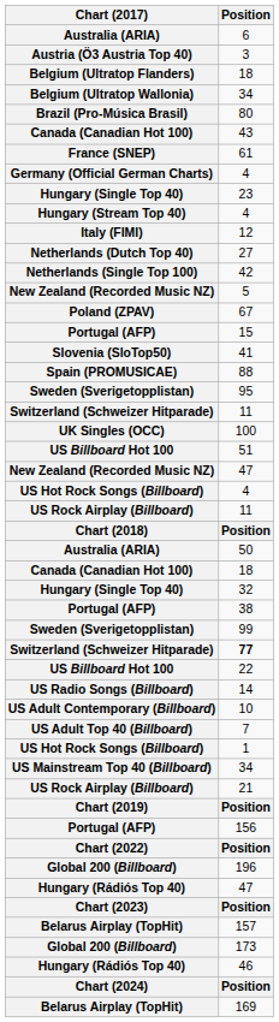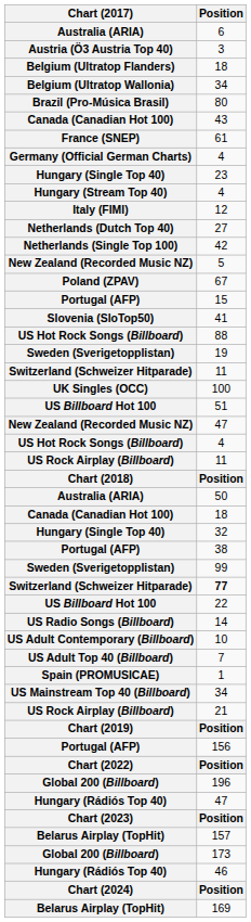 <table class="wikitable sortable plainrowheaders" style="text-align:center">
 <tr>
 <th scope="col">Chart (2017)</th>
 <th scope="col">Position</th>
 </tr>
 <tr>
 <th scope="row">Australia (ARIA)</th>
 <td>6</td>
 </tr>
 <tr>
 <th scope="row">Austria (Ö3 Austria Top 40)</th>
 <td>3</td>
 </tr>
 <tr>
 <th scope="row">Belgium (Ultratop Flanders)</th>
 <td>18</td>
 </tr>
 <tr>
 <th scope="row">Belgium (Ultratop Wallonia)</th>
 <td>34</td>
 </tr>
 <tr>
 <th scope="row">Brazil (Pro-Música Brasil)</th>
 <td>80</td>
 </tr>
 <tr>
 <th scope="row">Canada (Canadian Hot 100)</th>
 <td>43</td>
 </tr>
 <tr>
 <th scope="row">France (SNEP)</th>
 <td>61</td>
 </tr>
 <tr>
 <th scope="row">Germany (Official German Charts)</th>
 <td>4</td>
 </tr>
 <tr>
 <th scope="row">Hungary (Single Top 40)</th>
 <td>23</td>
 </tr>
 <tr>
 <th scope="row">Hungary (Stream Top 40)</th>
 <td>4</td>
 </tr>
 <tr>
 <th scope="row">Italy (FIMI)</th>
 <td>12</td>
 </tr>
 <tr>
 <th scope="row">Netherlands (Dutch Top 40)</th>
 <td>27</td>
 </tr>
 <tr>
 <th scope="row">Netherlands (Single Top 100)</th>
 <td>42</td>
 </tr>
 <tr>
 <th scope="row">New Zealand (Recorded Music NZ)</th>
 <td>5</td>
 </tr>
 <tr>
 <th scope="row">Poland (ZPAV)</th>
 <td>67</td>
 </tr>
 <tr>
 <th scope="row">Portugal (AFP)</th>
 <td>15</td>
 </tr>
 <tr>
 <th scope="row">Slovenia (SloTop50)</th>
 <td>41</td>
 </tr>
 <tr>
-<th scope="row">Spain (PROMUSICAE)</th>
+<th scope="row">US Hot Rock Songs (<em>Billboard</em>)</th>
 <td>88</td>
 </tr>
 <tr>
 <th scope="row">Sweden (Sverigetopplistan)</th>
-<td>95</td>
+<td>19</td>
 </tr>
 <tr>
 <th scope="row">Switzerland (Schweizer Hitparade)</th>
 <td>11</td>
 </tr>
 <tr>
 <th scope="row">UK Singles (OCC)</th>
 <td>100</td>
 </tr>
 <tr>
 <th scope="row">US <em>Billboard</em> Hot 100</th>
 <td>51</td>
 </tr>
 <tr>
 <th scope="row">New Zealand (Recorded Music NZ)</th>
 <td>47</td>
 </tr>
 <tr>
 <th scope="row">US Hot Rock Songs (<em>Billboard</em>)</th>
 <td>4</td>
 </tr>
 <tr>
 <th scope="row">US Rock Airplay (<em>Billboard</em>)</th>
 <td>11</td>
 </tr>
 <tr>
 <th scope="col">Chart (2018)</th>
 <th scope="col">Position</th>
 </tr>
 <tr>
 <th scope="row">Australia (ARIA)</th>
 <td>50</td>
 </tr>
 <tr>
 <th scope="row">Canada (Canadian Hot 100)</th>
 <td>18</td>
 </tr>
 <tr>
 <th scope="row">Hungary (Single Top 40)</th>
 <td>32</td>
 </tr>
 <tr>
 <th scope="row">Portugal (AFP)</th>
 <td>38</td>
 </tr>
 <tr>
 <th scope="row">Sweden (Sverigetopplistan)</th>
 <td>99</td>
 </tr>
 <tr>
 <th scope="row">Switzerland (Schweizer Hitparade)</th>
 <td><strong>77</strong></td>
 </tr>
 <tr>
 <th scope="row">US <em>Billboard</em> Hot 100</th>
 <td>22</td>
 </tr>
 <tr>
 <th scope="row">US Radio Songs (<em>Billboard</em>)</th>
 <td>14</td>
 </tr>
 <tr>
 <th scope="row">US Adult Contemporary (<em>Billboard</em>)</th>
 <td>10</td>
 </tr>
 <tr>
 <th scope="row">US Adult Top 40 (<em>Billboard</em>)</th>
 <td>7</td>
 </tr>
 <tr>
-<th scope="row">US Hot Rock Songs (<em>Billboard</em>)</th>
+<th scope="row">Spain (PROMUSICAE)</th>
 <td>1</td>
 </tr>
 <tr>
 <th scope="row">US Mainstream Top 40 (<em>Billboard</em>)</th>
 <td>34</td>
 </tr>
 <tr>
 <th scope="row">US Rock Airplay (<em>Billboard</em>)</th>
 <td>21</td>
 </tr>
 <tr>
 <th scope="col">Chart (2019)</th>
 <th scope="col">Position</th>
 </tr>
 <tr>
 <th scope="row">Portugal (AFP)</th>
 <td>156</td>
 </tr>
 <tr>
 <th scope="col">Chart (2022)</th>
 <th scope="col">Position</th>
 </tr>
 <tr>
 <th scope="row">Global 200 (<em>Billboard</em>)</th>
 <td>196</td>
 </tr>
 <tr>
 <th scope="row">Hungary (Rádiós Top 40)</th>
 <td>47</td>
 </tr>
 <tr>
 <th scope="col">Chart (2023)</th>
 <th scope="col">Position</th>
 </tr>
 <tr>
 <th scope="row">Belarus Airplay (TopHit)</th>
 <td>157</td>
 </tr>
 <tr>
 <th scope="row">Global 200 (<em>Billboard</em>)</th>
 <td>173</td>
 </tr>
 <tr>
 <th scope="row">Hungary (Rádiós Top 40)</th>
 <td>46</td>
 </tr>
 <tr>
 <th scope="col">Chart (2024)</th>
 <th scope="col">Position</th>
 </tr>
 <tr>
 <th scope="row">Belarus Airplay (TopHit)</th>
 <td>169</td>
 </tr>
 </table>
